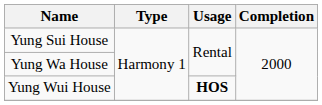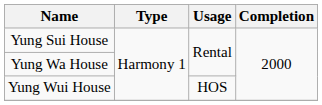 <table class="wikitable" style="text-align: center">
 <tr>
 <th>Name</th>
 <th>Type</th>
 <th>Usage</th>
 <th>Completion</th>
 </tr>
 <tr>
 <td>Yung Sui House</td>
 <td rowspan="3">Harmony 1</td>
 <td rowspan="2">Rental</td>
 <td rowspan="3">2000</td>
 </tr>
 <tr>
 <td>Yung Wa House</td>
 </tr>
 <tr>
 <td>Yung Wui House</td>
-<td rowspan="1"><strong>HOS</strong></td>
+<td rowspan="1">HOS</td>
 </tr>
 <tr>
 </tr>
 </table>
